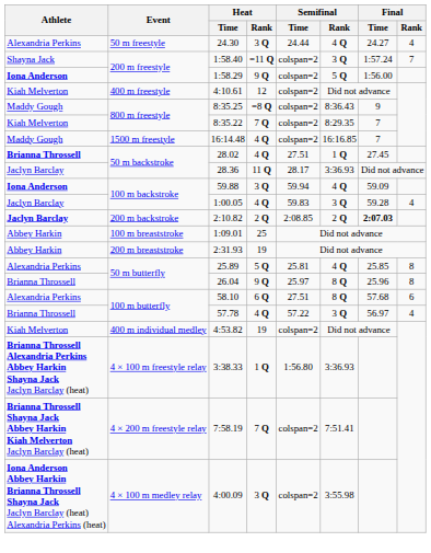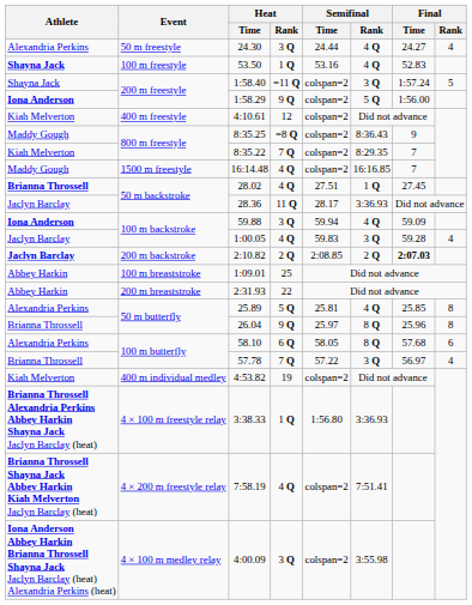 <table class="wikitable" style="text-align:center; font-size:90%">
 <tr>
 <th rowspan="2">Athlete</th>
 <th rowspan="2">Event</th>
 <th colspan="2">Heat</th>
 <th colspan="2">Semifinal</th>
 <th colspan="2">Final</th>
 </tr>
 <tr style="font-size:95%">
 <th>Time</th>
 <th>Rank</th>
 <th>Time</th>
 <th>Rank</th>
 <th>Time</th>
 <th>Rank</th>
 </tr>
 <tr>
 <td align="left"><a href='#'>Alexandria Perkins</a></td>
 <td align="left"><a href='#'>50 m freestyle</a></td>
 <td>24.30</td>
 <td>3 <strong>Q</strong></td>
 <td>24.44</td>
 <td>4 <strong>Q</strong></td>
 <td>24.27</td>
 <td>4</td>
 </tr>
 <tr>
+<td align="left"><strong><a href='#'>Shayna Jack</a></strong></td>
+<td align="left"><a href='#'>100 m freestyle</a></td>
+<td>53.50</td>
+<td>1 <strong>Q</strong></td>
+<td>53.16</td>
+<td>4 <strong>Q</strong></td>
+<td>52.83</td>
+<td></td>
+</tr>
+<tr>
 <td align="left"><a href='#'>Shayna Jack</a></td>
 <td rowspan="2" align="left"><a href='#'>200 m freestyle</a></td>
 <td>1:58.40</td>
 <td>=11 <strong>Q</strong></td>
 <td>colspan=2 </td>
 <td>3 <strong>Q</strong></td>
 <td>1:57.24</td>
-<td>7</td>
+<td>5</td>
 </tr>
 <tr>
 <td align="left"><strong><a href='#'>Iona Anderson</a></strong></td>
 <td>1:58.29</td>
 <td>9 <strong>Q</strong></td>
 <td>colspan=2 </td>
 <td>5 <strong>Q</strong></td>
 <td>1:56.00</td>
 <td></td>
 </tr>
 <tr>
 <td align="left"><a href='#'>Kiah Melverton</a></td>
 <td align="left"><a href='#'>400 m freestyle</a></td>
 <td>4:10.61</td>
 <td>12</td>
 <td>colspan=2 </td>
 <td colspan="2">Did not advance</td>
 </tr>
 <tr>
 <td align="left"><a href='#'>Maddy Gough</a></td>
 <td rowspan="2" align="left"><a href='#'>800 m freestyle</a></td>
 <td>8:35.25</td>
 <td>=8 <strong>Q</strong></td>
 <td>colspan=2 </td>
 <td>8:36.43</td>
 <td>9</td>
 </tr>
 <tr>
 <td align="left"><a href='#'>Kiah Melverton</a></td>
 <td>8:35.22</td>
 <td>7 <strong>Q</strong></td>
 <td>colspan=2 </td>
 <td>8:29.35</td>
 <td>7</td>
 </tr>
 <tr>
 <td align="left"><a href='#'>Maddy Gough</a></td>
 <td align="left"><a href='#'>1500 m freestyle</a></td>
 <td>16:14.48</td>
 <td>4 <strong>Q</strong></td>
 <td>colspan=2 </td>
 <td>16:16.85</td>
 <td>7</td>
 </tr>
 <tr>
 <td align="left"><strong><a href='#'>Brianna Throssell</a></strong></td>
 <td rowspan="2" align="left"><a href='#'>50 m backstroke</a></td>
 <td>28.02</td>
 <td>4 <strong>Q</strong></td>
 <td>27.51</td>
 <td>1 <strong>Q</strong></td>
 <td>27.45</td>
 <td></td>
 </tr>
 <tr>
 <td align="left"><a href='#'>Jaclyn Barclay</a></td>
 <td>28.36</td>
 <td>11 <strong>Q</strong></td>
 <td>28.17</td>
 <td>3:36.93</td>
 <td colspan="2">Did not advance</td>
 </tr>
 <tr>
 <td align="left"><strong><a href='#'>Iona Anderson</a></strong></td>
 <td rowspan="2" align="left"><a href='#'>100 m backstroke</a></td>
 <td>59.88</td>
 <td>3 <strong>Q</strong></td>
 <td>59.94</td>
 <td>4 <strong>Q</strong></td>
 <td>59.09</td>
 <td></td>
 </tr>
 <tr>
 <td align="left"><a href='#'>Jaclyn Barclay</a></td>
 <td>1:00.05</td>
 <td>4 <strong>Q</strong></td>
 <td>59.83</td>
 <td>3 <strong>Q</strong></td>
 <td>59.28</td>
 <td>4</td>
 </tr>
 <tr>
 <td align="left"><strong><a href='#'>Jaclyn Barclay</a></strong></td>
 <td align="left"><a href='#'>200 m backstroke</a></td>
 <td>2:10.82</td>
 <td>2 <strong>Q</strong></td>
 <td>2:08.85</td>
 <td>2 <strong>Q</strong></td>
 <td><strong>2:07.03</strong></td>
 <td></td>
 </tr>
 <tr>
 <td align="left"><a href='#'>Abbey Harkin</a></td>
 <td align="left"><a href='#'>100 m breaststroke</a></td>
 <td>1:09.01</td>
 <td>25</td>
 <td colspan="4">Did not advance</td>
 </tr>
 <tr>
 <td align="left"><a href='#'>Abbey Harkin</a></td>
 <td align="left"><a href='#'>200 m breaststroke</a></td>
 <td>2:31.93</td>
-<td>19</td>
+<td>22</td>
 <td colspan="4">Did not advance</td>
 </tr>
 <tr>
 <td align="left"><a href='#'>Alexandria Perkins</a></td>
 <td rowspan="2" align="left"><a href='#'>50 m butterfly</a></td>
 <td>25.89</td>
 <td>5 <strong>Q</strong></td>
 <td>25.81</td>
 <td>4 <strong>Q</strong></td>
 <td>25.85</td>
 <td>8</td>
 </tr>
 <tr>
 <td align="left"><a href='#'>Brianna Throssell</a></td>
 <td>26.04</td>
 <td>9 <strong>Q</strong></td>
 <td>25.97</td>
 <td>8 <strong>Q</strong></td>
 <td>25.96</td>
 <td>8</td>
 </tr>
 <tr>
 <td align="left"><a href='#'>Alexandria Perkins</a></td>
 <td rowspan="2" align="left"><a href='#'>100 m butterfly</a></td>
 <td>58.10</td>
 <td>6 <strong>Q</strong></td>
-<td>27.51</td>
+<td>58.05</td>
 <td>8 <strong>Q</strong></td>
 <td>57.68</td>
 <td>6</td>
 </tr>
 <tr>
 <td align="left"><a href='#'>Brianna Throssell</a></td>
 <td>57.78</td>
-<td>4 <strong>Q</strong></td>
+<td>7 <strong>Q</strong></td>
 <td>57.22</td>
 <td>3 <strong>Q</strong></td>
 <td>56.97</td>
 <td>4</td>
 </tr>
 <tr>
 <td align="left"><a href='#'>Kiah Melverton</a></td>
 <td align="left"><a href='#'>400 m individual medley</a></td>
 <td>4:53.82</td>
 <td>19</td>
 <td>colspan=2 </td>
 <td colspan="2">Did not advance</td>
 </tr>
 <tr>
 <td align="left"><strong><a href='#'>Brianna Throssell</a></strong><br><strong><a href='#'>Alexandria Perkins</a></strong><br><strong><a href='#'>Abbey Harkin</a></strong><br><strong><a href='#'>Shayna Jack</a></strong><br><a href='#'>Jaclyn Barclay</a> (heat)</td>
 <td align="left"><a href='#'>4 × 100 m freestyle relay</a></td>
 <td>3:38.33</td>
 <td>1 <strong>Q</strong></td>
 <td>1:56.80</td>
 <td>3:36.93</td>
 <td></td>
 </tr>
 <tr>
 <td align="left"><strong><a href='#'>Brianna Throssell</a></strong><br><strong><a href='#'>Shayna Jack</a></strong><br><strong><a href='#'>Abbey Harkin</a></strong><br><strong><a href='#'>Kiah Melverton</a></strong><br><a href='#'>Jaclyn Barclay</a> (heat)</td>
 <td align="left"><a href='#'>4 × 200 m freestyle relay</a></td>
 <td>7:58.19</td>
-<td>7 <strong>Q</strong></td>
+<td>4 <strong>Q</strong></td>
 <td>colspan=2 </td>
 <td>7:51.41</td>
 <td></td>
 </tr>
 <tr>
 <td align="left"><strong><a href='#'>Iona Anderson</a></strong><br><strong><a href='#'>Abbey Harkin</a></strong><br><strong><a href='#'>Brianna Throssell</a></strong><br><strong><a href='#'>Shayna Jack</a></strong><br><a href='#'>Jaclyn Barclay</a> (heat)<br><a href='#'>Alexandria Perkins</a> (heat)</td>
 <td align="left"><a href='#'>4 × 100 m medley relay</a></td>
 <td>4:00.09</td>
 <td>3 <strong>Q</strong></td>
 <td>colspan=2 </td>
 <td>3:55.98</td>
 <td></td>
 </tr>
 </table>
